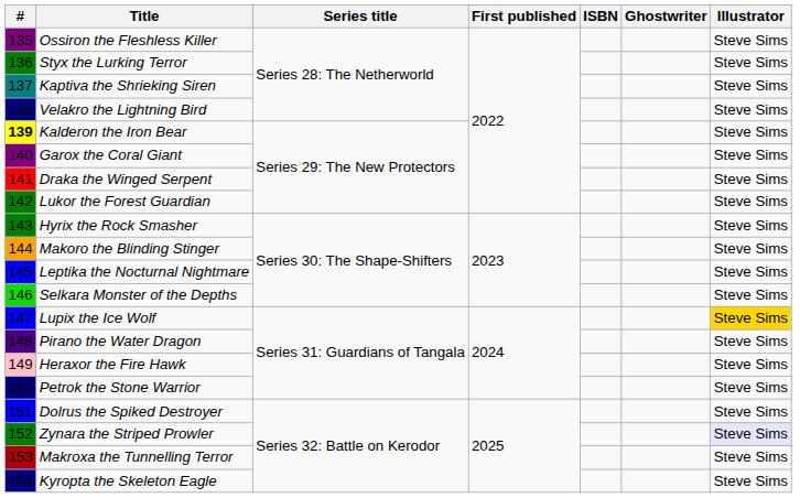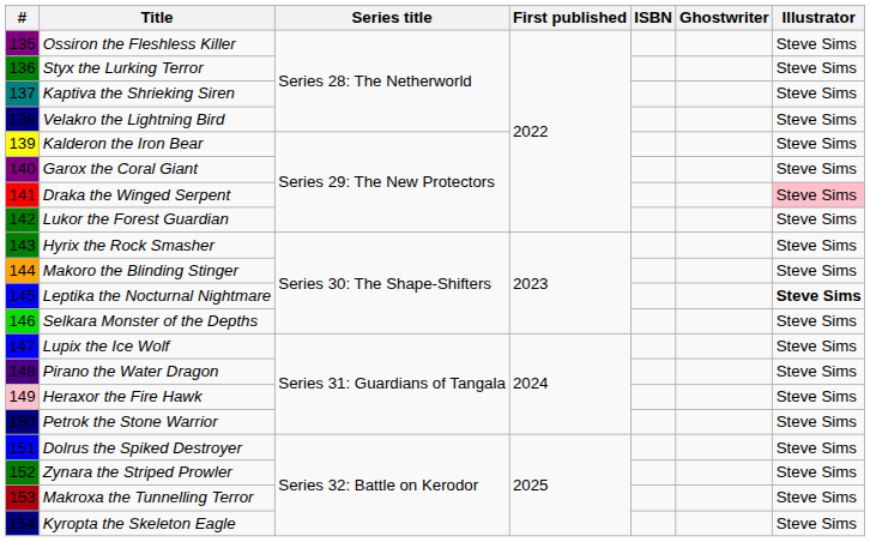 <table class="wikitable sortable nowraplinks">
 <tr>
 <th scope="col">#</th>
 <th scope="col">Title</th>
 <th scope="col">Series title</th>
 <th scope="col">First published</th>
 <th scope="col">ISBN</th>
 <th scope="col">Ghostwriter</th>
 <th scope="col">Illustrator</th>
 </tr>
 <tr>
 <td bgcolor="purple">135</td>
 <td><em>Ossiron the Fleshless Killer</em></td>
 <td rowspan="4">Series 28: The Netherworld</td>
 <td rowspan="8">2022</td>
 <td></td>
 <td></td>
 <td>Steve Sims</td>
 </tr>
 <tr>
 <td bgcolor="green">136</td>
 <td><em>Styx the Lurking Terror</em></td>
 <td></td>
 <td></td>
 <td>Steve Sims</td>
 </tr>
 <tr>
 <td bgcolor="teal">137</td>
 <td><em>Kaptiva the Shrieking Siren</em></td>
 <td></td>
 <td></td>
 <td>Steve Sims</td>
 </tr>
 <tr>
 <td bgcolor="navy">138</td>
 <td><em>Velakro the Lightning Bird</em></td>
 <td></td>
 <td></td>
 <td>Steve Sims</td>
 </tr>
 <tr>
-<td bgcolor="yellow"><strong>139</strong></td>
+<td bgcolor="yellow">139</td>
 <td><em>Kalderon the Iron Bear</em></td>
 <td rowspan="4">Series 29: The New Protectors</td>
 <td></td>
 <td></td>
 <td>Steve Sims</td>
 </tr>
 <tr>
 <td bgcolor="purple">140</td>
 <td><em>Garox the Coral Giant</em></td>
 <td></td>
 <td></td>
 <td>Steve Sims</td>
 </tr>
 <tr>
 <td bgcolor="red">141</td>
 <td><em>Draka the Winged Serpent</em></td>
 <td></td>
 <td></td>
-<td>Steve Sims</td>
+<td style="background: pink;">Steve Sims</td>
 </tr>
 <tr>
 <td bgcolor="green">142</td>
 <td><em>Lukor the Forest Guardian</em></td>
 <td></td>
 <td></td>
 <td>Steve Sims</td>
 </tr>
 <tr>
 <td bgcolor="green">143</td>
 <td><em>Hyrix the Rock Smasher</em></td>
 <td rowspan="4">Series 30: The Shape-Shifters</td>
 <td rowspan="4">2023</td>
 <td></td>
 <td></td>
 <td>Steve Sims</td>
 </tr>
 <tr>
 <td bgcolor="orange">144</td>
 <td><em>Makoro the Blinding Stinger</em></td>
 <td></td>
 <td></td>
 <td>Steve Sims</td>
 </tr>
 <tr>
 <td bgcolor="blue">145</td>
 <td><em>Leptika the Nocturnal Nightmare</em></td>
 <td></td>
 <td></td>
-<td>Steve Sims</td>
+<td><strong>Steve Sims</strong></td>
 </tr>
 <tr>
 <td bgcolor="jade">146</td>
 <td><em>Selkara Monster of the Depths</em></td>
 <td></td>
 <td></td>
 <td>Steve Sims</td>
 </tr>
 <tr>
 <td bgcolor= "blue">147</td>
 <td><em>Lupix the Ice Wolf</em></td>
 <td rowspan="4">Series 31: Guardians of Tangala</td>
 <td rowspan="4">2024</td>
 <td></td>
 <td></td>
-<td style="background: gold;">Steve Sims</td>
+<td>Steve Sims</td>
 </tr>
 <tr>
 <td bgcolor="indigo">148</td>
 <td><em>Pirano the Water Dragon</em></td>
 <td></td>
 <td></td>
 <td>Steve Sims</td>
 </tr>
 <tr>
 <td bgcolor="pink">149</td>
 <td><em>Heraxor the Fire Hawk</em></td>
 <td></td>
 <td></td>
 <td>Steve Sims</td>
 </tr>
 <tr>
 <td bgcolor="navy">150</td>
 <td><em>Petrok the Stone Warrior</em></td>
 <td></td>
 <td></td>
 <td>Steve Sims</td>
 </tr>
 <tr>
 <td bgcolor="blue">151</td>
 <td><em>Dolrus the Spiked Destroyer</em></td>
 <td rowspan="4">Series 32: Battle on Kerodor</td>
 <td rowspan="4">2025</td>
 <td></td>
 <td></td>
 <td>Steve Sims</td>
 </tr>
 <tr>
 <td bgcolor="green">152</td>
 <td><em>Zynara the Striped Prowler</em></td>
 <td></td>
 <td></td>
-<td style="background: lavender;">Steve Sims</td>
+<td>Steve Sims</td>
 </tr>
 <tr>
 <td bgcolor="brown-red">153</td>
 <td><em>Makroxa the Tunnelling Terror</em></td>
 <td></td>
 <td></td>
 <td>Steve Sims</td>
 </tr>
 <tr>
 <td bgcolor="navy">154</td>
 <td><em>Kyropta the Skeleton Eagle</em></td>
 <td></td>
 <td></td>
 <td>Steve Sims</td>
 </tr>
 </table>
